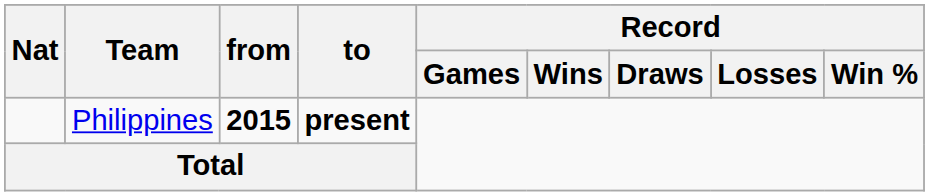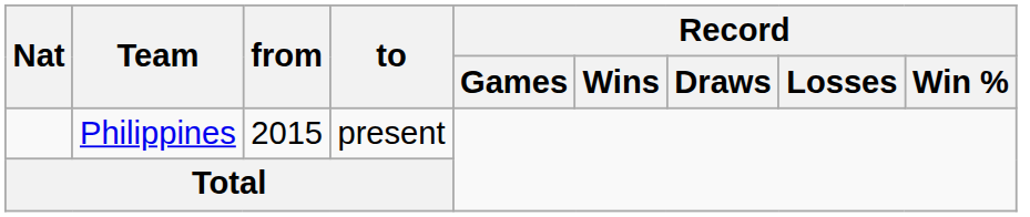 <table class="wikitable" style="text-align: center">
 <tr>
 <th rowspan="2">Nat</th>
 <th rowspan="2">Team</th>
 <th rowspan="2">from</th>
 <th rowspan="2">to</th>
 <th colspan="5">Record</th>
 </tr>
 <tr>
 <th>Games</th>
 <th>Wins</th>
 <th>Draws</th>
 <th>Losses</th>
 <th>Win %</th>
 </tr>
 <tr>
 <td></td>
 <td><a href='#'>Philippines</a></td>
-<td><strong>2015</strong></td>
-<td><strong>present<br></strong></td>
+<td>2015</td>
+<td>present<br></td>
 </tr>
 <tr>
 <th colspan="4">Total<br></th>
 </tr>
 </table>
